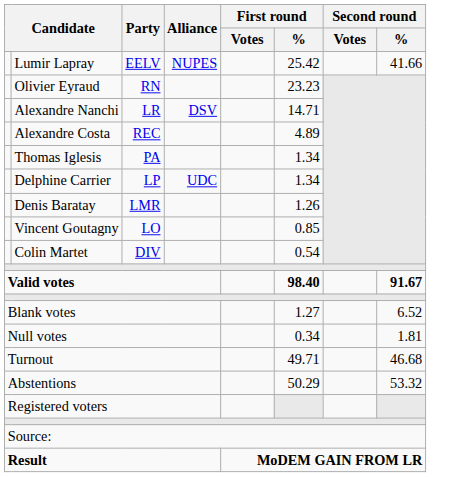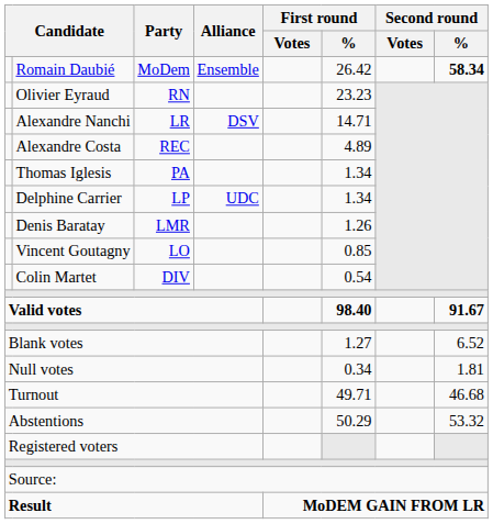 <table class="wikitable" style="text-align:right;font-size:95%;">
 <tr>
 <th colspan="2" rowspan="2">Candidate</th>
 <th colspan="1" rowspan="2">Party</th>
 <th colspan="1" rowspan="2">Alliance</th>
 <th colspan="2">First round</th>
 <th colspan="2">Second round</th>
 </tr>
 <tr>
 <th style="width:50px;">Votes</th>
 <th style="width:45px;">%</th>
 <th style="width:50px;">Votes</th>
 <th style="width:45px;">%</th>
 </tr>
 <tr>
 <td style="color:inherit;background:"></td>
-<td style="text-align:left;">Lumir Lapray</td>
-<td><a href='#'>EELV</a></td>
-<td><a href='#'>NUPES</a></td>
+<td style="text-align:left;"><a href='#'>Romain Daubié</a></td>
+<td><a href='#'>MoDem</a></td>
+<td><a href='#'>Ensemble</a></td>
 <td></td>
-<td>25.42</td>
-<td></td>
-<td>41.66</td>
+<td>26.42</td>
+<td><strong></strong></td>
+<td><strong>58.34</strong></td>
 </tr>
 <tr>
 <td style="color:inherit;background:"></td>
 <td style="text-align:left;">Olivier Eyraud</td>
 <td><a href='#'>RN</a></td>
 <td></td>
 <td></td>
 <td>23.23</td>
 <td colspan="2" rowspan="8" style="background:#E9E9E9;"></td>
 </tr>
 <tr>
 <td style="color:inherit;background:"></td>
 <td style="text-align:left;">Alexandre Nanchi</td>
 <td><a href='#'>LR</a></td>
 <td><a href='#'>DSV</a></td>
 <td></td>
 <td>14.71</td>
 </tr>
 <tr>
 <td style="color:inherit;background:"></td>
 <td style="text-align:left;">Alexandre Costa</td>
 <td><a href='#'>REC</a></td>
 <td></td>
 <td></td>
 <td>4.89</td>
 </tr>
 <tr>
 <td style="color:inherit;background:"></td>
 <td style="text-align:left;">Thomas Iglesis</td>
 <td><a href='#'>PA</a></td>
 <td></td>
 <td></td>
 <td>1.34</td>
 </tr>
 <tr>
 <td style="color:inherit;background:"></td>
 <td style="text-align:left;">Delphine Carrier</td>
 <td><a href='#'>LP</a></td>
 <td><a href='#'>UDC</a></td>
 <td></td>
 <td>1.34</td>
 </tr>
 <tr>
 <td style="color:inherit;background:"></td>
 <td style="text-align:left;">Denis Baratay</td>
 <td><a href='#'>LMR</a></td>
 <td></td>
 <td></td>
 <td>1.26</td>
 </tr>
 <tr>
 <td style="color:inherit;background:"></td>
 <td style="text-align:left;">Vincent Goutagny</td>
 <td><a href='#'>LO</a></td>
 <td></td>
 <td></td>
 <td>0.85</td>
 </tr>
 <tr>
 <td style="color:inherit;background:"></td>
 <td style="text-align:left;">Colin Martet</td>
 <td><a href='#'>DIV</a></td>
 <td></td>
 <td></td>
 <td>0.54</td>
 </tr>
 <tr>
 <td colspan="8" style="background:#E9E9E9;"></td>
 </tr>
 <tr style="font-weight:bold;">
 <td colspan="4" style="text-align:left;">Valid votes</td>
 <td></td>
 <td>98.40</td>
 <td></td>
 <td>91.67</td>
 </tr>
 <tr>
 <td colspan="8" style="background:#E9E9E9;"></td>
 </tr>
 <tr>
 <td colspan="4" style="text-align:left;">Blank votes</td>
 <td></td>
 <td>1.27</td>
 <td></td>
 <td>6.52</td>
 </tr>
 <tr>
 <td colspan="4" style="text-align:left;">Null votes</td>
 <td></td>
 <td>0.34</td>
 <td></td>
 <td>1.81</td>
 </tr>
 <tr>
 <td colspan="4" style="text-align:left;">Turnout</td>
 <td></td>
 <td>49.71</td>
 <td></td>
 <td>46.68</td>
 </tr>
 <tr>
 <td colspan="4" style="text-align:left;">Abstentions</td>
 <td></td>
 <td>50.29</td>
 <td></td>
 <td>53.32</td>
 </tr>
 <tr>
 <td colspan="4" style="text-align:left;">Registered voters</td>
 <td></td>
 <td style="color:inherit;background:#E9E9E9;"></td>
 <td></td>
 <td style="color:inherit;background:#E9E9E9;"></td>
 </tr>
 <tr>
 <td colspan="8" style="background:#E9E9E9;"></td>
 </tr>
 <tr>
 <td colspan="8" style="text-align:left;">Source: </td>
 </tr>
 <tr style="font-weight:bold">
 <td colspan="4" style="text-align:left;">Result</td>
 <td colspan="4" style="background-color:">MoDEM GAIN FROM LR</td>
 </tr>
 </table>
